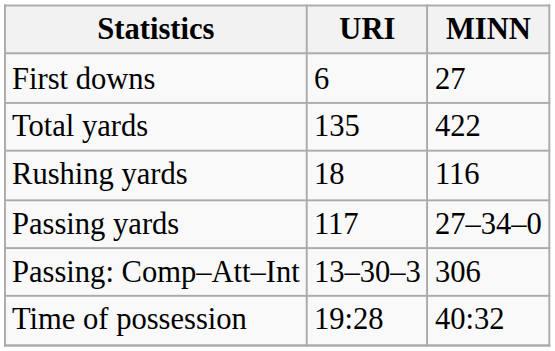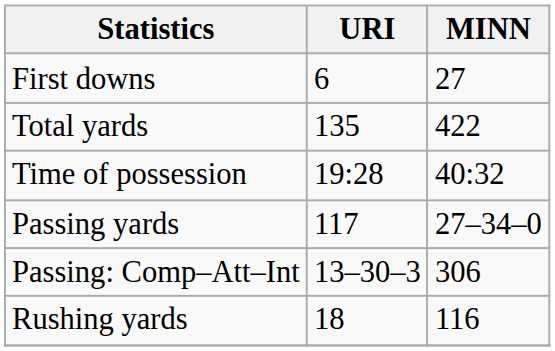 <table class="wikitable" style="float: left;">
 <tr>
 <th>Statistics</th>
 <th>URI</th>
 <th>MINN</th>
 </tr>
 <tr>
 <td>First downs</td>
 <td>6</td>
 <td>27</td>
 </tr>
 <tr>
 <td>Total yards</td>
 <td>135</td>
 <td>422</td>
 </tr>
 <tr>
-<td>Rushing yards</td>
-<td>18</td>
-<td>116</td>
+<td>Time of possession</td>
+<td>19:28</td>
+<td>40:32</td>
 </tr>
 <tr>
 <td>Passing yards</td>
 <td>117</td>
 <td>27–34–0</td>
 </tr>
 <tr>
 <td>Passing: Comp–Att–Int</td>
 <td>13–30–3</td>
 <td>306</td>
 </tr>
 <tr>
-<td>Time of possession</td>
-<td>19:28</td>
-<td>40:32</td>
+<td>Rushing yards</td>
+<td>18</td>
+<td>116</td>
 </tr>
 <tr>
 </tr>
 </table>
